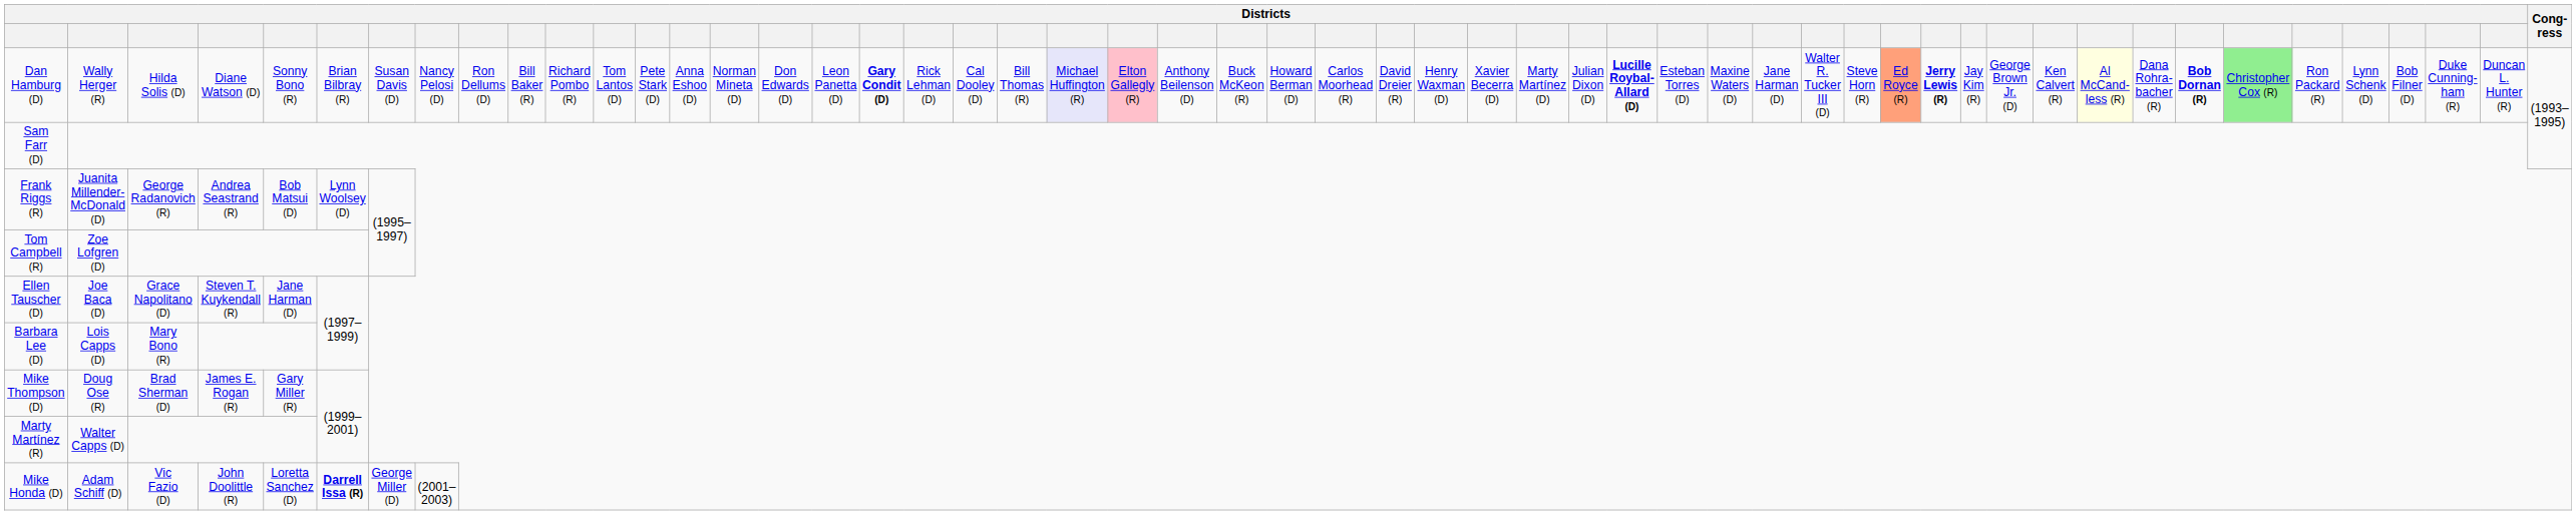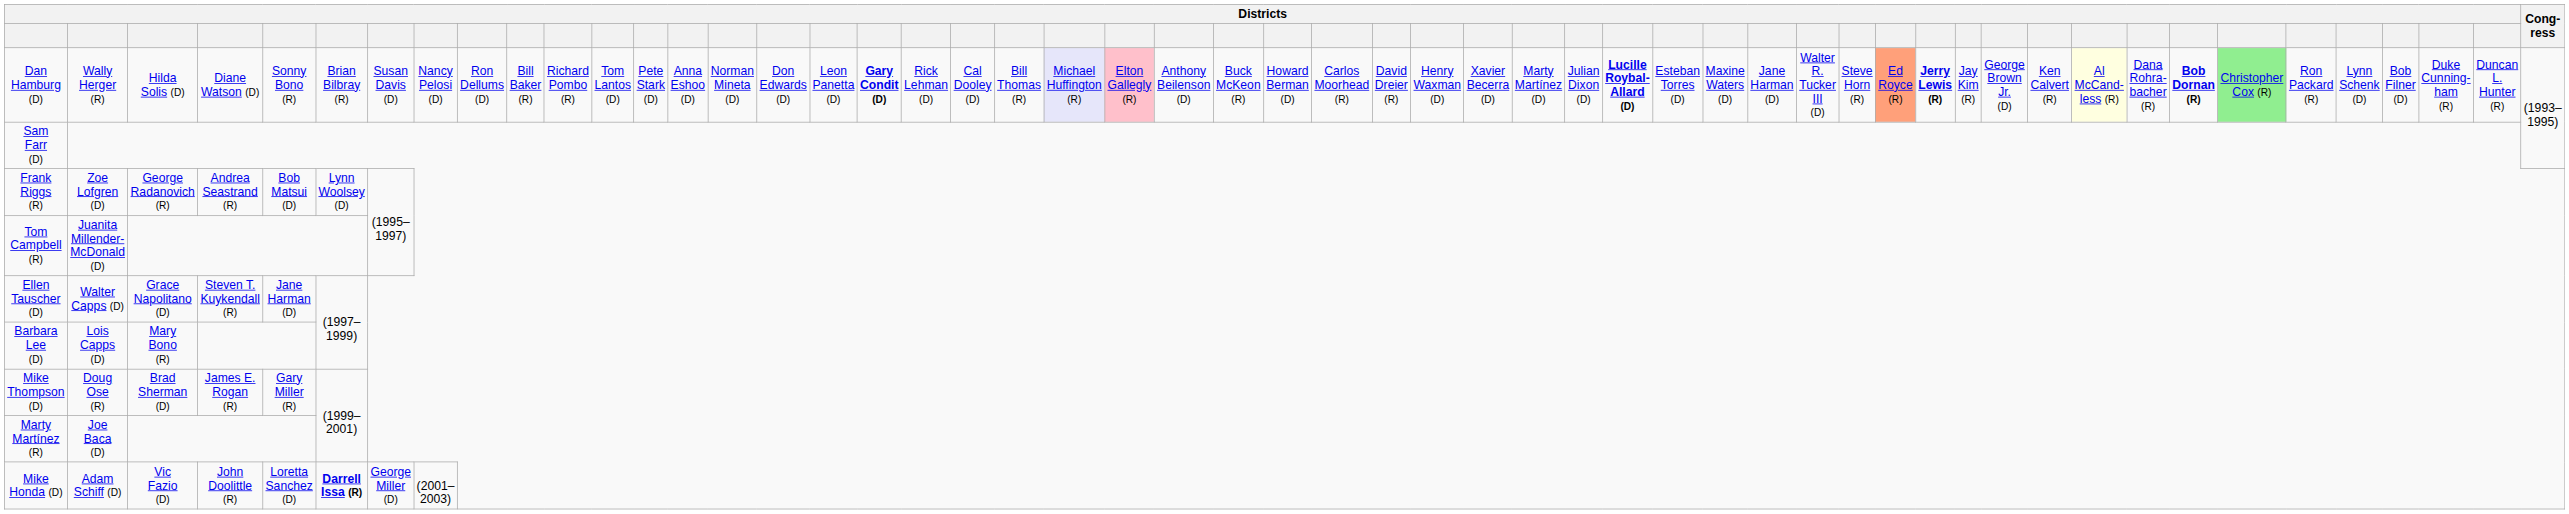 <table class=wikitable style="text-align:center">
 <tr>
 <th colspan=52>Districts</th>
 <th rowspan=2>Cong­ress</th>
 </tr>
 <tr style="height:2em">
 <th></th>
 <th></th>
 <th></th>
 <th></th>
 <th></th>
 <th></th>
 <th></th>
 <th></th>
 <th></th>
 <th></th>
 <th></th>
 <th></th>
 <th></th>
 <th></th>
 <th></th>
 <th></th>
 <th></th>
 <th></th>
 <th></th>
 <th></th>
 <th></th>
 <th></th>
 <th></th>
 <th></th>
 <th></th>
 <th></th>
 <th></th>
 <th></th>
 <th></th>
 <th></th>
 <th></th>
 <th></th>
 <th></th>
 <th></th>
 <th></th>
 <th></th>
 <th></th>
 <th></th>
 <th></th>
 <th></th>
 <th></th>
 <th></th>
 <th></th>
 <th></th>
 <th></th>
 <th></th>
 <th></th>
 <th></th>
 <th></th>
 <th></th>
 <th></th>
 <th></th>
 </tr>
 <tr style="height:2em">
 <td><a href='#'>Dan<br>Hamburg</a><br><small>(D)</small></td>
 <td><a href='#'>Wally<br>Herger</a><br><small>(R)</small></td>
 <td><a href='#'>Hilda<br>Solis</a> <small>(D)</small></td>
 <td><a href='#'>Diane<br>Watson</a> <small>(D)</small></td>
 <td><a href='#'>Sonny<br>Bono</a><br><small>(R)</small></td>
 <td><a href='#'>Brian<br>Bilbray</a><br><small>(R)</small></td>
 <td><a href='#'>Susan<br>Davis</a> <small>(D)</small></td>
 <td><a href='#'>Nancy<br>Pelosi</a><br><small>(D)</small></td>
 <td><a href='#'>Ron<br>Dellums</a><br><small>(D)</small></td>
 <td><a href='#'>Bill<br>Baker</a><br><small>(R)</small></td>
 <td><a href='#'>Richard<br>Pombo</a><br><small>(R)</small></td>
 <td><a href='#'>Tom<br>Lantos</a><br><small>(D)</small></td>
 <td><a href='#'>Pete<br>Stark</a><br><small>(D)</small></td>
 <td><a href='#'>Anna<br>Eshoo</a><br><small>(D)</small></td>
 <td><a href='#'>Norman<br>Mineta</a><br><small>(D)</small></td>
 <td><a href='#'>Don<br>Edwards</a><br><small>(D)</small></td>
 <td><a href='#'>Leon<br>Panetta</a> <small>(D)</small></td>
 <td><strong><a href='#'>Gary<br>Condit</a><br><small>(D)</small></strong></td>
 <td><a href='#'>Rick<br>Lehman</a><br><small>(D)</small></td>
 <td><a href='#'>Cal<br>Dooley</a><br><small>(D)</small></td>
 <td><a href='#'>Bill<br>Thomas</a><br><small>(R)</small></td>
 <td style="background: lavender;"><a href='#'>Michael<br>Huffington</a><br><small>(R)</small></td>
 <td style="background: pink;"><a href='#'>Elton<br>Gallegly</a><br><small>(R)</small></td>
 <td><a href='#'>Anthony<br>Beilenson</a><br><small>(D)</small></td>
 <td><a href='#'>Buck<br>McKeon</a><br><small>(R)</small></td>
 <td><a href='#'>Howard<br>Berman</a><br><small>(D)</small></td>
 <td><a href='#'>Carlos<br>Moorhead</a><br><small>(R)</small></td>
 <td><a href='#'>David<br>Dreier</a><br><small>(R)</small></td>
 <td><a href='#'>Henry<br>Waxman</a><br><small>(D)</small></td>
 <td><a href='#'>Xavier<br>Becerra</a><br><small>(D)</small></td>
 <td><a href='#'>Marty<br>Martínez</a><br><small>(D)</small></td>
 <td><a href='#'>Julian<br>Dixon</a><br><small>(D)</small></td>
 <td><strong><a href='#'>Lucille<br>Roybal-<br>Allard</a><br><small>(D)</small></strong></td>
 <td><a href='#'>Esteban<br>Torres</a><br><small>(D)</small></td>
 <td><a href='#'>Maxine<br>Waters</a><br><small>(D)</small></td>
 <td><a href='#'>Jane<br>Harman</a><br><small>(D)</small></td>
 <td><a href='#'>Walter R.<br>Tucker III</a><br><small>(D)</small></td>
 <td><a href='#'>Steve<br>Horn</a><br><small>(R)</small></td>
 <td style="background: lightsalmon;"><a href='#'>Ed<br>Royce</a><br><small>(R)</small></td>
 <td><strong><a href='#'>Jerry<br>Lewis</a><br><small>(R)</small></strong></td>
 <td><a href='#'>Jay<br>Kim</a><br><small>(R)</small></td>
 <td><a href='#'>George<br>Brown<br>Jr.</a><br><small>(D)</small></td>
 <td><a href='#'>Ken<br>Calvert</a><br><small>(R)</small></td>
 <td style="background: lightyellow;"><a href='#'>Al<br>McCand-<br>less</a> <small>(R)</small></td>
 <td><a href='#'>Dana<br>Rohra-<br>bacher</a><br><small>(R)</small></td>
 <td><strong><a href='#'>Bob<br>Dornan</a><br><small>(R)</small></strong></td>
 <td style="background: lightgreen;"><a href='#'>Christopher<br>Cox</a> <small>(R)</small></td>
 <td><a href='#'>Ron<br>Packard</a><br><small>(R)</small></td>
 <td><a href='#'>Lynn<br>Schenk</a><br><small>(D)</small></td>
 <td><a href='#'>Bob<br>Filner</a><br><small>(D)</small></td>
 <td><a href='#'>Duke<br>Cunning-<br>ham</a><br><small>(R)</small></td>
 <td><a href='#'>Duncan<br>L.<br>Hunter</a><br><small>(R)</small></td>
 <td rowspan=2><strong></strong><br>(1993–1995)</td>
 </tr>
 <tr style="height:2em">
 <td><a href='#'>Sam<br>Farr</a><br><small>(D)</small></td>
 </tr>
 <tr style="height:2em">
 <td><a href='#'>Frank<br>Riggs</a><br><small>(R)</small></td>
-<td><a href='#'>Juanita<br>Millender-<br>McDonald</a><br><small>(D)</small></td>
+<td><a href='#'>Zoe<br>Lofgren</a><br><small>(D)</small></td>
 <td><a href='#'>George<br>Radanovich</a><br><small>(R)</small></td>
 <td><a href='#'>Andrea<br>Seastrand</a> <small>(R)</small></td>
 <td><a href='#'>Bob<br>Matsui</a><br><small>(D)</small></td>
 <td><a href='#'>Lynn<br>Woolsey</a><br><small>(D)</small></td>
 <td rowspan=2><strong></strong><br>(1995–1997)</td>
 </tr>
 <tr style="height:2em">
 <td><a href='#'>Tom<br>Campbell</a><br><small>(R)</small></td>
-<td><a href='#'>Zoe<br>Lofgren</a><br><small>(D)</small></td>
+<td><a href='#'>Juanita<br>Millender-<br>McDonald</a><br><small>(D)</small></td>
 </tr>
 <tr style="height:2em">
 <td><a href='#'>Ellen<br>Tauscher</a><br><small>(D)</small></td>
-<td><a href='#'>Joe<br>Baca</a><br><small>(D)</small></td>
+<td><a href='#'>Walter<br>Capps</a> <small>(D)</small></td>
 <td><a href='#'>Grace<br>Napolitano</a><br><small>(D)</small></td>
 <td><a href='#'>Steven T.<br>Kuykendall</a><br><small>(R)</small></td>
 <td><a href='#'>Jane<br>Harman</a> <small>(D)</small></td>
 <td rowspan=2><strong></strong><br>(1997–1999)</td>
 </tr>
 <tr style="height:2em">
 <td><a href='#'>Barbara<br>Lee</a><br><small>(D)</small></td>
 <td><a href='#'>Lois<br>Capps</a><br><small>(D)</small></td>
 <td><a href='#'>Mary<br>Bono</a><br><small>(R)</small></td>
 </tr>
 <tr style="height:2em">
 <td><a href='#'>Mike<br>Thompson</a><br><small>(D)</small></td>
 <td><a href='#'>Doug<br>Ose</a><br><small>(R)</small></td>
 <td><a href='#'>Brad<br>Sherman</a><br><small>(D)</small></td>
 <td><a href='#'>James E.<br>Rogan</a><br><small>(R)</small></td>
 <td><a href='#'>Gary<br>Miller</a><br><small>(R)</small></td>
 <td rowspan=2><strong></strong><br>(1999–2001)</td>
 </tr>
 <tr style="height:2em">
 <td><a href='#'>Marty<br>Martínez</a> <small>(R)</small></td>
-<td><a href='#'>Walter<br>Capps</a> <small>(D)</small></td>
+<td><a href='#'>Joe<br>Baca</a><br><small>(D)</small></td>
 </tr>
 <tr style="height:2em">
 <td><a href='#'>Mike<br>Honda</a> <small>(D)</small></td>
 <td><a href='#'>Adam<br>Schiff</a> <small>(D)</small></td>
 <td><a href='#'>Vic<br>Fazio</a><br><small>(D)</small></td>
 <td><a href='#'>John<br>Doolittle</a><br><small>(R)</small></td>
 <td><a href='#'>Loretta<br>Sanchez</a><br><small>(D)</small></td>
 <td><strong><a href='#'>Darrell<br>Issa</a> <small>(R)</small></strong></td>
 <td><a href='#'>George<br>Miller</a><br><small>(D)</small></td>
 <td><strong></strong><br>(2001–2003)</td>
 </tr>
 </table>
